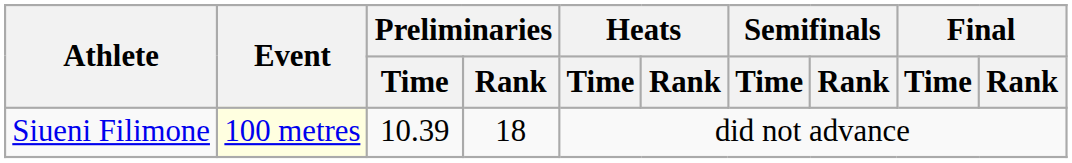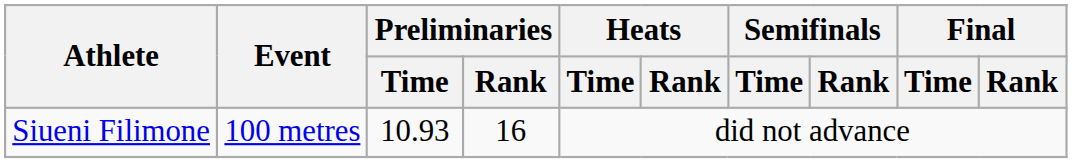 <table class=wikitable style="font-size:90%;">
 <tr>
 <th rowspan=2>Athlete</th>
 <th rowspan=2>Event</th>
 <th colspan=2>Preliminaries</th>
 <th colspan=2>Heats</th>
 <th colspan=2>Semifinals</th>
 <th colspan=2>Final</th>
 </tr>
 <tr>
 <th>Time</th>
 <th>Rank</th>
 <th>Time</th>
 <th>Rank</th>
 <th>Time</th>
 <th>Rank</th>
 <th>Time</th>
 <th>Rank</th>
 </tr>
 <tr>
 <td><a href='#'>Siueni Filimone</a></td>
-<td style="background: lightyellow;"><a href='#'>100 metres</a></td>
-<td align="center">10.39</td>
-<td align="center">18</td>
+<td><a href='#'>100 metres</a></td>
+<td align="center">10.93</td>
+<td align="center">16</td>
 <td align="center" colspan=6>did not advance</td>
 </tr>
 </table>
